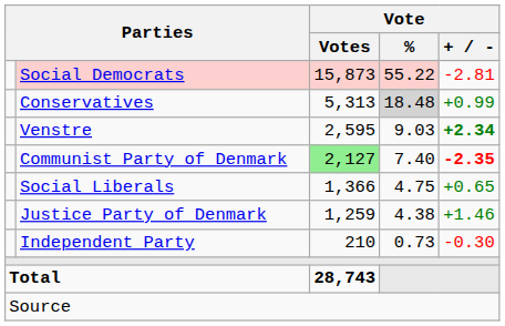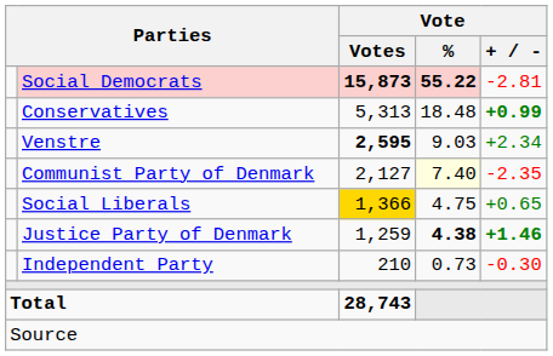 <table class="wikitable" style="text-align:right;">
 <tr>
 <th style="text-align:centre;" rowspan="2" colspan="2" width="225">Parties</th>
 <th colspan="3">Vote</th>
 </tr>
 <tr>
 <th width="15">Votes</th>
 <th width="15">%</th>
 <th width="15">+ / -</th>
 </tr>
 <tr>
 <td width="2" style="color:inherit;background:"></td>
 <td bgcolor=#fbd0ce  align="left"><a href='#'>Social Democrats</a></td>
-<td bgcolor=#fbd0ce>15,873</td>
-<td bgcolor=#fbd0ce>55.22</td>
+<td bgcolor=#fbd0ce><strong>15,873</strong></td>
+<td bgcolor=#fbd0ce><strong>55.22</strong></td>
 <td style=color:red;>-2.81</td>
 </tr>
 <tr>
 <td width="2" style="color:inherit;background:"></td>
 <td align="left"><a href='#'>Conservatives</a></td>
 <td>5,313</td>
-<td style="background: lightgrey;">18.48</td>
-<td style=color:green;>+0.99</td>
+<td>18.48</td>
+<td style=color:green;><strong>+0.99</strong></td>
 </tr>
 <tr>
 <td width="2" style="color:inherit;background:"></td>
 <td align="left"><a href='#'>Venstre</a></td>
-<td>2,595</td>
+<td><strong>2,595</strong></td>
 <td>9.03</td>
-<td style=color:green;><strong>+2.34</strong></td>
+<td style=color:green;>+2.34</td>
 </tr>
 <tr>
 <td width="2" style="color:inherit;background:"></td>
 <td align="left"><a href='#'>Communist Party of Denmark</a></td>
-<td style="background: lightgreen;">2,127</td>
-<td>7.40</td>
-<td style=color:red;><strong>-2.35</strong></td>
+<td>2,127</td>
+<td style="background: lightyellow;">7.40</td>
+<td style=color:red;>-2.35</td>
 </tr>
 <tr>
 <td width="2" style="color:inherit;background:"></td>
 <td align="left"><a href='#'>Social Liberals</a></td>
-<td>1,366</td>
+<td style="background: gold;">1,366</td>
 <td>4.75</td>
 <td style=color:green;>+0.65</td>
 </tr>
 <tr>
 <td width="2" style="color:inherit;background:"></td>
 <td align="left"><a href='#'>Justice Party of Denmark</a></td>
 <td>1,259</td>
-<td>4.38</td>
-<td style=color:green;>+1.46</td>
+<td><strong>4.38</strong></td>
+<td style=color:green;><strong>+1.46</strong></td>
 </tr>
 <tr>
 <td width="2" style="color:inherit;background:"></td>
 <td align="left"><a href='#'>Independent Party</a></td>
 <td>210</td>
 <td>0.73</td>
 <td style=color:red;>-0.30</td>
 </tr>
 <tr>
 <td colspan="7" bgcolor="#E9E9E9"></td>
 </tr>
 <tr>
 <td align="left" colspan="2"><strong>Total</strong></td>
 <td><strong>28,743</strong></td>
 <td bgcolor="#E9E9E9" colspan="2"></td>
 </tr>
 <tr>
 <td align="left" colspan="6">Source</td>
 </tr>
 </table>
